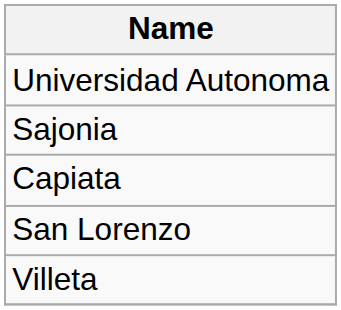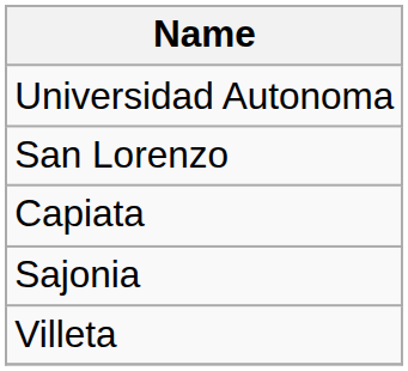 <table class="wikitable">
 <tr>
 <th>Name</th>
 </tr>
 <tr>
 <td>Universidad Autonoma</td>
 </tr>
 <tr>
-<td>Sajonia</td>
+<td>San Lorenzo</td>
 </tr>
 <tr>
 <td>Capiata</td>
 </tr>
 <tr>
-<td>San Lorenzo</td>
+<td>Sajonia</td>
 </tr>
 <tr>
 <td>Villeta</td>
 </tr>
 <tr>
 </tr>
 </table>
